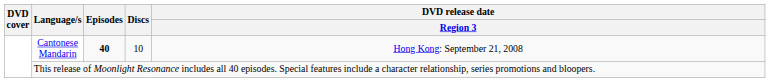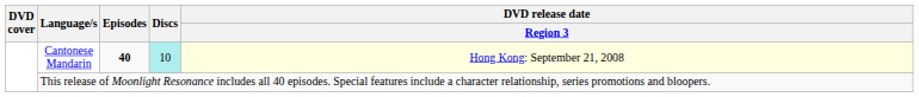 <table class="wikitable">
 <tr>
 <th rowspan="2">DVD cover</th>
 <th rowspan="2">Language/s</th>
 <th rowspan="2">Episodes</th>
 <th rowspan="2">Discs</th>
 <th colspan="6">DVD release date</th>
 </tr>
 <tr>
 <th width=100%><a href='#'>Region 3</a></th>
 </tr>
 <tr>
 <td rowspan="2" align="center" bgcolor="#FFFFFF"></td>
 <td align="center" bgcolor="#FFFFFF"><a href='#'>Cantonese</a> <br> <a href='#'>Mandarin</a></td>
 <td align="center"><strong>40</strong></td>
-<td align="center">10</td>
-<td align="center"><a href='#'>Hong Kong</a>: September 21, 2008</td>
+<td align="center" style="background: paleturquoise;">10</td>
+<td align="center" style="background: lightyellow;"><a href='#'>Hong Kong</a>: September 21, 2008</td>
 </tr>
 <tr>
 <td colspan="8">This release of <em>Moonlight Resonance</em> includes all 40 episodes. Special features include a character relationship, series promotions and bloopers.</td>
 </tr>
 </table>
